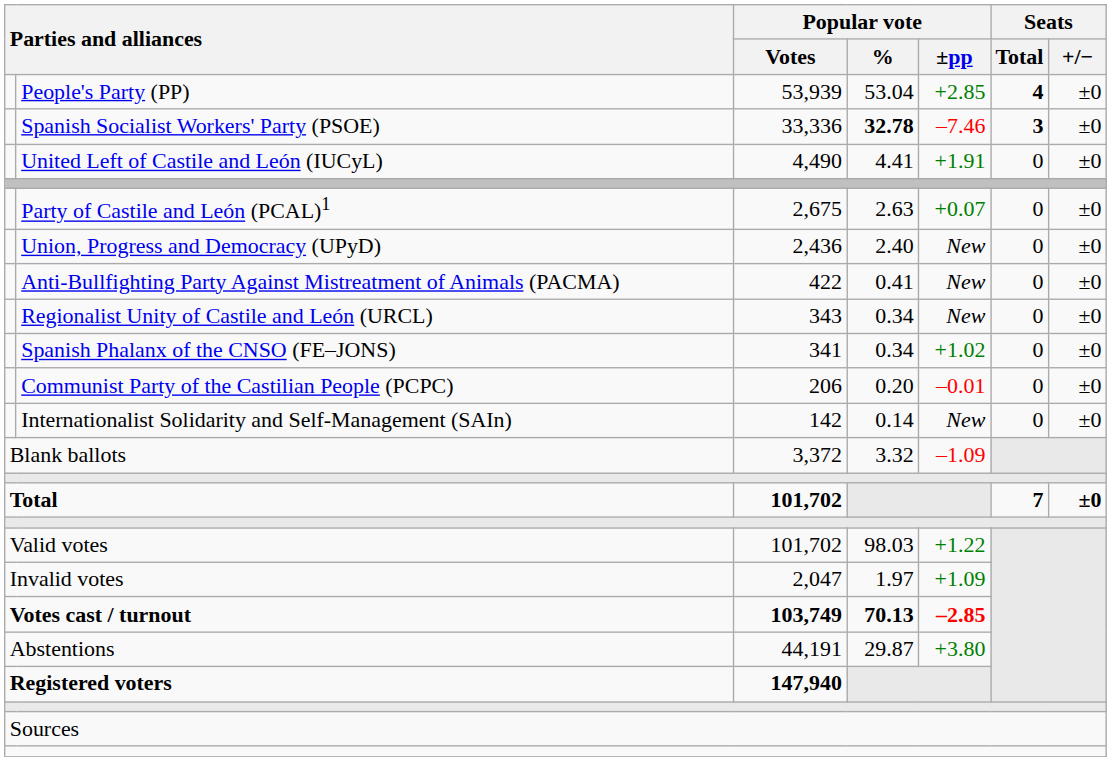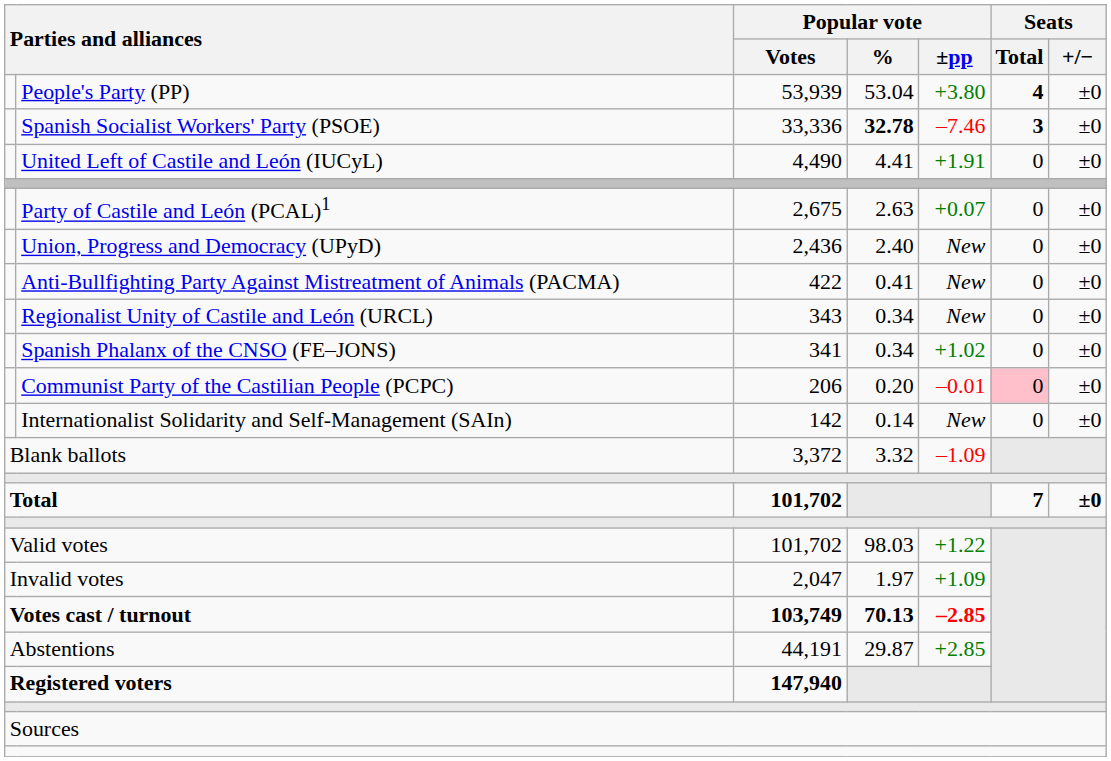 <table class="wikitable" style="text-align:right;">
 <tr>
 <th style="text-align:left;" rowspan="2" colspan="2" width="525">Parties and alliances</th>
 <th colspan="3">Popular vote</th>
 <th colspan="2">Seats</th>
 </tr>
 <tr>
 <th width="75">Votes</th>
 <th width="45">%</th>
 <th width="45">±<a href='#'>pp</a></th>
 <th width="35">Total</th>
 <th width="35">+/−</th>
 </tr>
 <tr>
 <td width="1" style="color:inherit;background:"></td>
 <td align="left"><a href='#'>People's Party</a> (PP)</td>
 <td>53,939</td>
 <td>53.04</td>
-<td style="color:green;">+2.85</td>
+<td style="color:green;">+3.80</td>
 <td><strong>4</strong></td>
 <td>±0</td>
 </tr>
 <tr>
 <td style="color:inherit;background:"></td>
 <td align="left"><a href='#'>Spanish Socialist Workers' Party</a> (PSOE)</td>
 <td>33,336</td>
 <td><strong>32.78</strong></td>
 <td style="color:red;">–7.46</td>
 <td><strong>3</strong></td>
 <td>±0</td>
 </tr>
 <tr>
 <td style="color:inherit;background:"></td>
 <td align="left"><a href='#'>United Left of Castile and León</a> (IUCyL)</td>
 <td>4,490</td>
 <td>4.41</td>
 <td style="color:green;">+1.91</td>
 <td>0</td>
 <td>±0</td>
 </tr>
 <tr>
 <td colspan="7" bgcolor="#C0C0C0"></td>
 </tr>
 <tr>
 <td style="color:inherit;background:"></td>
 <td align="left"><a href='#'>Party of Castile and León</a> (PCAL)<sup>1</sup></td>
 <td>2,675</td>
 <td>2.63</td>
 <td style="color:green;">+0.07</td>
 <td>0</td>
 <td>±0</td>
 </tr>
 <tr>
 <td style="color:inherit;background:"></td>
 <td align="left"><a href='#'>Union, Progress and Democracy</a> (UPyD)</td>
 <td>2,436</td>
 <td>2.40</td>
 <td><em>New</em></td>
 <td>0</td>
 <td>±0</td>
 </tr>
 <tr>
 <td style="color:inherit;background:"></td>
 <td align="left"><a href='#'>Anti-Bullfighting Party Against Mistreatment of Animals</a> (PACMA)</td>
 <td>422</td>
 <td>0.41</td>
 <td><em>New</em></td>
 <td>0</td>
 <td>±0</td>
 </tr>
 <tr>
 <td style="color:inherit;background:"></td>
 <td align="left"><a href='#'>Regionalist Unity of Castile and León</a> (URCL)</td>
 <td>343</td>
 <td>0.34</td>
 <td><em>New</em></td>
 <td>0</td>
 <td>±0</td>
 </tr>
 <tr>
 <td style="color:inherit;background:"></td>
 <td align="left"><a href='#'>Spanish Phalanx of the CNSO</a> (FE–JONS)</td>
 <td>341</td>
 <td>0.34</td>
 <td style="color:green;">+1.02</td>
 <td>0</td>
 <td>±0</td>
 </tr>
 <tr>
 <td style="color:inherit;background:"></td>
 <td align="left"><a href='#'>Communist Party of the Castilian People</a> (PCPC)</td>
 <td>206</td>
 <td>0.20</td>
 <td style="color:red;">–0.01</td>
-<td>0</td>
+<td style="background: pink;">0</td>
 <td>±0</td>
 </tr>
 <tr>
 <td style="color:inherit;background:"></td>
 <td align="left">Internationalist Solidarity and Self-Management (SAIn)</td>
 <td>142</td>
 <td>0.14</td>
 <td><em>New</em></td>
 <td>0</td>
 <td>±0</td>
 </tr>
 <tr>
 <td align="left" colspan="2">Blank ballots</td>
 <td>3,372</td>
 <td>3.32</td>
 <td style="color:red;">–1.09</td>
 <td bgcolor="#E9E9E9" colspan="2"></td>
 </tr>
 <tr>
 <td colspan="7" bgcolor="#E9E9E9"></td>
 </tr>
 <tr style="font-weight:bold;">
 <td align="left" colspan="2">Total</td>
 <td>101,702</td>
 <td bgcolor="#E9E9E9" colspan="2"></td>
 <td>7</td>
 <td>±0</td>
 </tr>
 <tr>
 <td colspan="7" bgcolor="#E9E9E9"></td>
 </tr>
 <tr>
 <td align="left" colspan="2">Valid votes</td>
 <td>101,702</td>
 <td>98.03</td>
 <td style="color:green;">+1.22</td>
 <td bgcolor="#E9E9E9" colspan="2" rowspan="5"></td>
 </tr>
 <tr>
 <td align="left" colspan="2">Invalid votes</td>
 <td>2,047</td>
 <td>1.97</td>
 <td style="color:green;">+1.09</td>
 </tr>
 <tr style="font-weight:bold;">
 <td align="left" colspan="2">Votes cast / turnout</td>
 <td>103,749</td>
 <td>70.13</td>
 <td style="color:red;">–2.85</td>
 </tr>
 <tr>
 <td align="left" colspan="2">Abstentions</td>
 <td>44,191</td>
 <td>29.87</td>
-<td style="color:green;">+3.80</td>
+<td style="color:green;">+2.85</td>
 </tr>
 <tr style="font-weight:bold;">
 <td align="left" colspan="2">Registered voters</td>
 <td>147,940</td>
 <td bgcolor="#E9E9E9" colspan="2"></td>
 </tr>
 <tr>
 <td colspan="7" bgcolor="#E9E9E9"></td>
 </tr>
 <tr>
 <td align="left" colspan="7">Sources</td>
 </tr>
 <tr>
 <td colspan="7" style="text-align:left; max-width:790px;"></td>
 </tr>
 </table>
